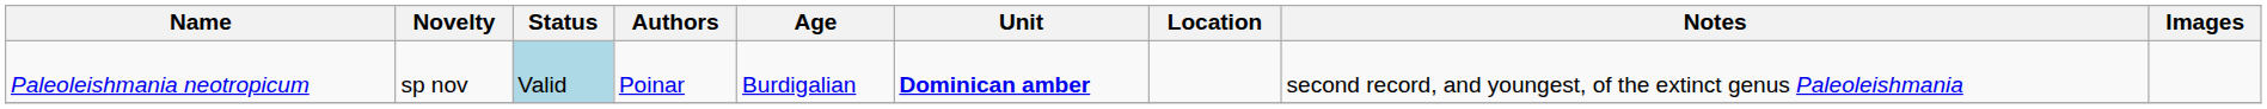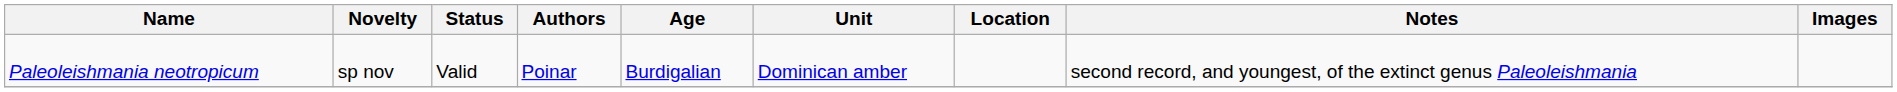 <table class="wikitable sortable" align="center" width="80%">
 <tr>
 <th>Name</th>
 <th>Novelty</th>
 <th>Status</th>
 <th>Authors</th>
 <th>Age</th>
 <th>Unit</th>
 <th>Location</th>
 <th>Notes</th>
 <th>Images</th>
 </tr>
 <tr>
 <td><br><em><a href='#'>Paleoleishmania neotropicum</a></em></td>
 <td><br>sp nov</td>
-<td style="background: lightblue;"><br>Valid</td>
+<td><br>Valid</td>
 <td><br><a href='#'>Poinar</a></td>
 <td><br><a href='#'>Burdigalian</a></td>
-<td><strong><br><a href='#'>Dominican amber</a></strong></td>
+<td><br><a href='#'>Dominican amber</a></td>
 <td><br></td>
 <td><br>second record, and youngest, of the extinct genus <em><a href='#'>Paleoleishmania</a></em></td>
 <td><br></td>
 </tr>
 <tr>
 </tr>
 </table>
